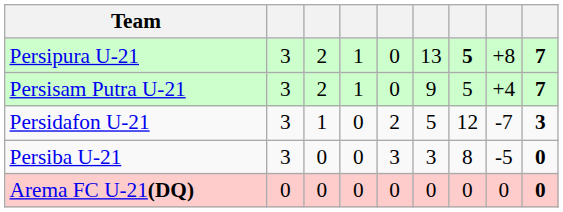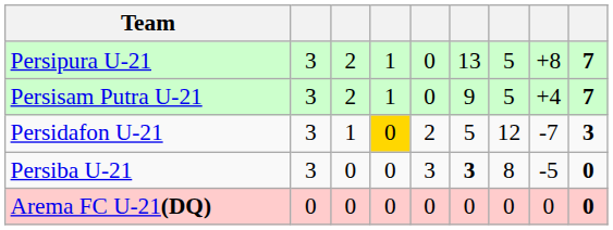 <table class="wikitable" style="text-align:center">
 <tr>
 <th width=190>Team</th>
 <th width=20></th>
 <th width=20></th>
 <th width=20></th>
 <th width=20></th>
 <th width=20></th>
 <th width=20></th>
 <th width=20></th>
 <th width=20></th>
 </tr>
 <tr style="background:#cfc;">
 <td align=left><a href='#'>Persipura U-21</a></td>
 <td>3</td>
 <td>2</td>
 <td>1</td>
 <td>0</td>
 <td>13</td>
-<td><strong>5</strong></td>
+<td>5</td>
 <td>+8</td>
 <td><strong>7</strong></td>
 </tr>
 <tr style="background:#cfc;">
 <td align=left><a href='#'>Persisam Putra U-21</a></td>
 <td>3</td>
 <td>2</td>
 <td>1</td>
 <td>0</td>
 <td>9</td>
 <td>5</td>
 <td>+4</td>
 <td><strong>7</strong></td>
 </tr>
 <tr>
 <td align=left><a href='#'>Persidafon U-21</a></td>
 <td>3</td>
 <td>1</td>
-<td>0</td>
+<td style="background: gold;">0</td>
 <td>2</td>
 <td>5</td>
 <td>12</td>
 <td>-7</td>
 <td><strong>3</strong></td>
 </tr>
 <tr>
 <td align=left><a href='#'>Persiba U-21</a></td>
 <td>3</td>
 <td>0</td>
 <td>0</td>
 <td>3</td>
-<td>3</td>
+<td><strong>3</strong></td>
 <td>8</td>
 <td>-5</td>
 <td><strong>0</strong></td>
 </tr>
 <tr style="background:#fcc;">
 <td align=left><a href='#'>Arema FC U-21</a><strong>(DQ)</strong></td>
 <td>0</td>
 <td>0</td>
 <td>0</td>
 <td>0</td>
 <td>0</td>
 <td>0</td>
 <td>0</td>
 <td><strong>0</strong></td>
 </tr>
 </table>
